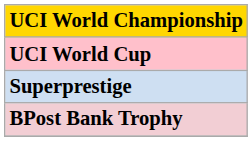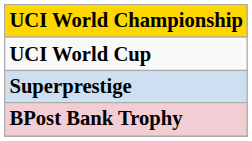 <table class= "wikitable" align= "center">
 <tr>
 <td style="background: #FFD700;"><strong>UCI World Championship</strong></td>
 </tr>
 <tr>
-<td style="background: pink;"><strong>UCI World Cup</strong></td>
+<td><strong>UCI World Cup</strong></td>
 </tr>
 <tr>
 <td style= "background:#CEDFF2;"><strong>Superprestige</strong></td>
 </tr>
 <tr>
 <td style= "background:#F2CED4;"><strong>BPost Bank Trophy</strong></td>
 </tr>
 <tr>
 </tr>
 </table>
